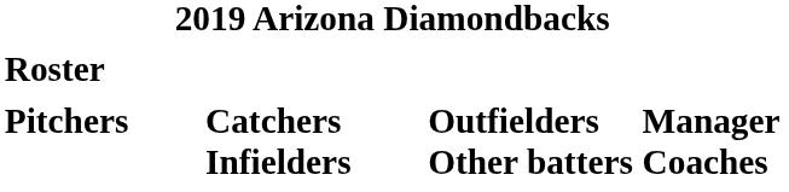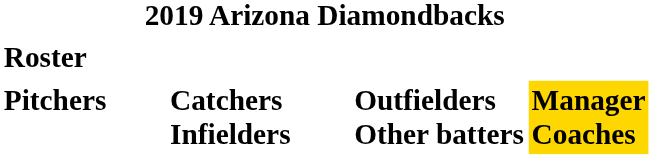 <table class="toccolours" style="font-size: 95%;">
 <tr>
 <th colspan="10">2019 Arizona Diamondbacks</th>
 </tr>
 <tr>
 <td colspan="10"><strong>Roster</strong></td>
 </tr>
 <tr>
 <td valign="top"><strong>Pitchers</strong><br>                       </td>
 <td width="25px"></td>
 <td valign="top"><strong>Catchers</strong><br>    <strong>Infielders</strong>        </td>
 <td width="25px"></td>
 <td valign="top"><strong>Outfielders</strong><br>        <strong>Other batters</strong> </td>
-<td valign="top"><strong>Manager</strong><br> <strong>Coaches</strong>                      </td>
+<td valign="top" style="background: gold;"><strong>Manager</strong><br> <strong>Coaches</strong>                      </td>
 </tr>
 <tr>
 </tr>
 </table>
